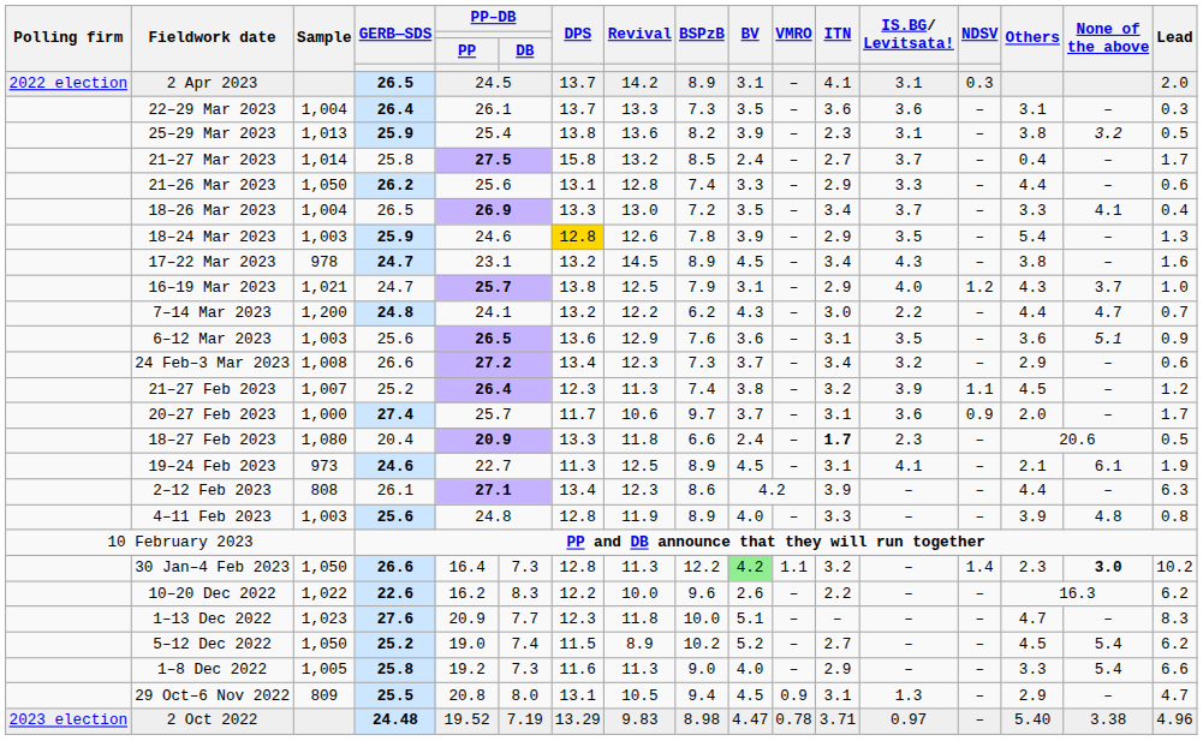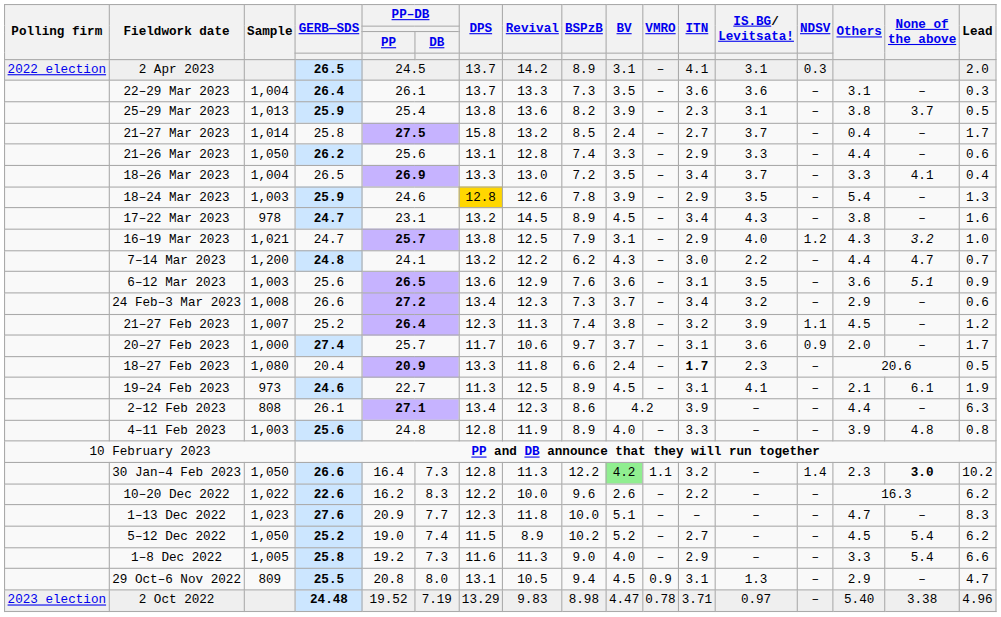 <table class="wikitable sortable" style="text-align:center;font-size:90%;line-height:14px;">
 <tr>
 <th rowspan="4">Polling firm</th>
 <th rowspan="4">Fieldwork date</th>
 <th rowspan="4">Sample</th>
 <th rowspan="3"><a href='#'>GERB—SDS</a></th>
 <th colspan="2"><a href='#'>PP–DB</a></th>
 <th rowspan="3"><a href='#'>DPS</a></th>
 <th rowspan="3"><a href='#'>Revival</a></th>
 <th rowspan="3"><a href='#'>BSPzB</a></th>
 <th rowspan="3"><a href='#'>BV</a></th>
 <th rowspan="3"><a href='#'>VMRO</a></th>
 <th rowspan="3"><a href='#'>ITN</a></th>
 <th rowspan="3"><a href='#'>IS.BG</a>/<br><a href='#'>Levitsata!</a></th>
 <th rowspan="3"><a href='#'>NDSV</a></th>
 <th rowspan="4"><a href='#'>Others</a></th>
 <th rowspan="4"><a href='#'>None of<br>the above</a></th>
 <th rowspan="4">Lead</th>
 </tr>
 <tr>
 <th colspan="2" style="background:"></th>
 </tr>
 <tr>
 <th class="unsortable" style="width:43px;"><a href='#'>PP</a></th>
 <th class="unsortable" style="width:35px;"><a href='#'>DB</a></th>
 </tr>
 <tr>
 <th style="color:inherit;background:"></th>
 <th style="color:inherit;background:"></th>
 <th style="color:inherit;background:"></th>
 <th style="color:inherit;background:"></th>
 <th style="color:inherit;background:"></th>
 <th style="color:inherit;background:"></th>
 <th style="color:inherit;background:"></th>
 <th style="color:inherit;background:"></th>
 <th style="color:inherit;background:"></th>
 <th style="color:inherit;background:"></th>
 <th style="color:inherit;background:"></th>
 </tr>
 <tr style="background:#EFEFEF;">
 <td><a href='#'>2022 election</a></td>
 <td>2 Apr 2023</td>
 <td></td>
 <td style="background:#CCE6FF"><strong>26.5</strong></td>
 <td colspan="2">24.5</td>
 <td>13.7</td>
 <td>14.2</td>
 <td>8.9</td>
 <td>3.1</td>
 <td>–</td>
 <td>4.1</td>
 <td>3.1</td>
 <td>0.3</td>
 <td></td>
 <td></td>
 <td class="unsortable" style="background:">2.0</td>
 </tr>
 <tr>
 <td></td>
 <td data-sort-value="2023-03-29">22–29 Mar 2023</td>
 <td>1,004</td>
 <td style="background:#CCE6FF"><strong>26.4</strong></td>
 <td colspan="2">26.1</td>
 <td>13.7</td>
 <td>13.3</td>
 <td>7.3</td>
 <td>3.5</td>
 <td>–</td>
 <td>3.6</td>
 <td>3.6</td>
 <td>–</td>
 <td>3.1</td>
 <td>–</td>
 <td class="unsortable" style="background:">0.3</td>
 </tr>
 <tr>
 <td></td>
 <td data-sort-value="2023-03-29">25–29 Mar 2023</td>
 <td>1,013</td>
 <td style="background:#CCE6FF"><strong>25.9</strong></td>
 <td colspan="2">25.4</td>
 <td>13.8</td>
 <td>13.6</td>
 <td>8.2</td>
 <td>3.9</td>
 <td>–</td>
 <td>2.3</td>
 <td>3.1</td>
 <td>–</td>
 <td>3.8</td>
-<td><em>3.2</em></td>
+<td>3.7</td>
 <td class="unsortable" style="background:">0.5</td>
 </tr>
 <tr>
 <td></td>
 <td data-sort-value="2023-03-27">21–27 Mar 2023</td>
 <td>1,014</td>
 <td>25.8</td>
 <td colspan="2" style="background:#c6b3ff"><strong>27.5</strong></td>
 <td>15.8</td>
 <td>13.2</td>
 <td>8.5</td>
 <td>2.4</td>
 <td>–</td>
 <td>2.7</td>
 <td>3.7</td>
 <td>–</td>
 <td>0.4</td>
 <td>–</td>
 <td class="unsortable" style="background:">1.7</td>
 </tr>
 <tr>
 <td></td>
 <td data-sort-value="2023-03-26">21–26 Mar 2023</td>
 <td>1,050</td>
 <td style="background:#CCE6FF"><strong>26.2</strong></td>
 <td colspan="2">25.6</td>
 <td>13.1</td>
 <td>12.8</td>
 <td>7.4</td>
 <td>3.3</td>
 <td>–</td>
 <td>2.9</td>
 <td>3.3</td>
 <td>–</td>
 <td>4.4</td>
 <td>–</td>
 <td class="unsortable" style="background:">0.6</td>
 </tr>
 <tr>
 <td></td>
 <td data-sort-value="2023-03-26">18–26 Mar 2023</td>
 <td>1,004</td>
 <td>26.5</td>
 <td colspan="2" style="background:#c6b3ff"><strong>26.9</strong></td>
 <td>13.3</td>
 <td>13.0</td>
 <td>7.2</td>
 <td>3.5</td>
 <td>–</td>
 <td>3.4</td>
 <td>3.7</td>
 <td>–</td>
 <td>3.3</td>
 <td>4.1</td>
 <td class="unsortable" style="background:">0.4</td>
 </tr>
 <tr>
 <td></td>
 <td data-sort-value="2023-03-24">18–24 Mar 2023</td>
 <td>1,003</td>
 <td style="background:#CCE6FF"><strong>25.9</strong></td>
 <td colspan="2">24.6</td>
 <td style="background: gold;">12.8</td>
 <td>12.6</td>
 <td>7.8</td>
 <td>3.9</td>
 <td>–</td>
 <td>2.9</td>
 <td>3.5</td>
 <td>–</td>
 <td>5.4</td>
 <td>–</td>
 <td class="unsortable" style="background:">1.3</td>
 </tr>
 <tr>
 <td></td>
 <td data-sort-value="2023-03-22">17–22 Mar 2023</td>
 <td>978</td>
 <td style="background:#CCE6FF"><strong>24.7</strong></td>
 <td colspan="2">23.1</td>
 <td>13.2</td>
 <td>14.5</td>
 <td>8.9</td>
 <td>4.5</td>
 <td>–</td>
 <td>3.4</td>
 <td>4.3</td>
 <td>–</td>
 <td>3.8</td>
 <td>–</td>
 <td class="unsortable" style="background:">1.6</td>
 </tr>
 <tr>
 <td></td>
 <td data-sort-value="2023-03-19">16–19 Mar 2023</td>
 <td>1,021</td>
 <td>24.7</td>
 <td colspan="2" style="background:#c6b3ff"><strong>25.7</strong></td>
 <td>13.8</td>
 <td>12.5</td>
 <td>7.9</td>
 <td>3.1</td>
 <td>–</td>
 <td>2.9</td>
 <td>4.0</td>
 <td>1.2</td>
 <td>4.3</td>
-<td>3.7</td>
+<td><em>3.2</em></td>
 <td class="unsortable" style="background:">1.0</td>
 </tr>
 <tr>
 <td></td>
 <td data-sort-value="2023-03-14">7–14 Mar 2023</td>
 <td>1,200</td>
 <td style="background:#CCE6FF"><strong>24.8</strong></td>
 <td colspan="2">24.1</td>
 <td>13.2</td>
 <td>12.2</td>
 <td>6.2</td>
 <td>4.3</td>
 <td>–</td>
 <td>3.0</td>
 <td>2.2</td>
 <td>–</td>
 <td>4.4</td>
 <td>4.7</td>
 <td class="unsortable" style="background:">0.7</td>
 </tr>
 <tr>
 <td></td>
 <td data-sort-value="2023-03-12">6–12 Mar 2023</td>
 <td>1,003</td>
 <td>25.6</td>
 <td colspan="2" style="background:#c6b3ff"><strong>26.5</strong></td>
 <td>13.6</td>
 <td>12.9</td>
 <td>7.6</td>
 <td>3.6</td>
 <td>–</td>
 <td>3.1</td>
 <td>3.5</td>
 <td>–</td>
 <td>3.6</td>
 <td><em>5.1</em></td>
 <td class="unsortable" style="background:">0.9</td>
 </tr>
 <tr>
 <td></td>
 <td data-sort-value="2023-03-03">24 Feb–3 Mar 2023</td>
 <td>1,008</td>
 <td>26.6</td>
 <td colspan="2" style="background:#c6b3ff"><strong>27.2</strong></td>
 <td>13.4</td>
 <td>12.3</td>
 <td>7.3</td>
 <td>3.7</td>
 <td>–</td>
 <td>3.4</td>
 <td>3.2</td>
 <td>–</td>
 <td>2.9</td>
 <td>–</td>
 <td class="unsortable" style="background:">0.6</td>
 </tr>
 <tr>
 <td></td>
 <td data-sort-value="2023-02-27">21–27 Feb 2023</td>
 <td>1,007</td>
 <td>25.2</td>
 <td colspan="2" style="background:#c6b3ff"><strong>26.4</strong></td>
 <td>12.3</td>
 <td>11.3</td>
 <td>7.4</td>
 <td>3.8</td>
 <td>–</td>
 <td>3.2</td>
 <td>3.9</td>
 <td>1.1</td>
 <td>4.5</td>
 <td>–</td>
 <td class="unsortable" style="background:">1.2</td>
 </tr>
 <tr>
 <td></td>
 <td data-sort-value="2023-02-27">20–27 Feb 2023</td>
 <td>1,000</td>
 <td style="background:#CCE6FF"><strong>27.4</strong></td>
 <td colspan="2">25.7</td>
 <td>11.7</td>
 <td>10.6</td>
 <td>9.7</td>
 <td>3.7</td>
 <td>–</td>
 <td>3.1</td>
 <td>3.6</td>
 <td>0.9</td>
 <td>2.0</td>
 <td>–</td>
 <td class="unsortable" style="background:">1.7</td>
 </tr>
 <tr>
 <td></td>
 <td data-sort-value="2023-02-27">18–27 Feb 2023</td>
 <td>1,080</td>
 <td>20.4</td>
 <td colspan="2" style="background:#c6b3ff"><strong>20.9</strong></td>
 <td>13.3</td>
 <td>11.8</td>
 <td>6.6</td>
 <td>2.4</td>
 <td>–</td>
 <td><strong>1.7</strong></td>
 <td>2.3</td>
 <td>–</td>
 <td colspan="2">20.6</td>
 <td class="unsortable" style="background:">0.5</td>
 </tr>
 <tr>
 <td></td>
 <td data-sort-value="2023-02-24">19–24 Feb 2023</td>
 <td>973</td>
 <td style="background:#CCE6FF"><strong>24.6</strong></td>
 <td colspan="2">22.7</td>
 <td>11.3</td>
 <td>12.5</td>
 <td>8.9</td>
 <td>4.5</td>
 <td>–</td>
 <td>3.1</td>
 <td>4.1</td>
 <td>–</td>
 <td>2.1</td>
 <td>6.1</td>
 <td class="unsortable" style="background:">1.9</td>
 </tr>
 <tr>
 <td></td>
 <td data-sort-value="2023-02-12">2–12 Feb 2023</td>
 <td>808</td>
 <td>26.1</td>
 <td colspan="2" style="background:#c6b3ff"><strong>27.1</strong></td>
 <td>13.4</td>
 <td>12.3</td>
 <td>8.6</td>
 <td colspan="2">4.2</td>
 <td>3.9</td>
 <td>–</td>
 <td>–</td>
 <td>4.4</td>
 <td>–</td>
 <td class="unsortable" style="background:">6.3</td>
 </tr>
 <tr>
 <td></td>
 <td data-sort-value="2023-02-11">4–11 Feb 2023</td>
 <td>1,003</td>
 <td style="background:#CCE6FF"><strong>25.6</strong></td>
 <td colspan="2">24.8</td>
 <td>12.8</td>
 <td>11.9</td>
 <td>8.9</td>
 <td>4.0</td>
 <td>–</td>
 <td>3.3</td>
 <td>–</td>
 <td>–</td>
 <td>3.9</td>
 <td>4.8</td>
 <td class="unsortable" style="background:">0.8</td>
 </tr>
 <tr>
 <td colspan="3">10 February 2023</td>
 <td colspan="14" style="font-weight:bold;"><a href='#'>PP</a> and <a href='#'>DB</a> announce that they will run together</td>
 </tr>
 <tr>
 <td></td>
 <td data-sort-value="2023-02-04">30 Jan–4 Feb 2023</td>
 <td>1,050</td>
 <td style="background:#CCE6FF"><strong>26.6</strong></td>
 <td>16.4</td>
 <td>7.3</td>
 <td>12.8</td>
 <td>11.3</td>
 <td>12.2</td>
 <td style="background: lightgreen;">4.2</td>
 <td>1.1</td>
 <td>3.2</td>
 <td>–</td>
 <td>1.4</td>
 <td>2.3</td>
 <td><strong>3.0</strong></td>
 <td class="unsortable" style="background:">10.2</td>
 </tr>
 <tr>
 <td></td>
 <td data-sort-value="2022-12-20">10–20 Dec 2022</td>
 <td>1,022</td>
 <td style="background:#CCE6FF"><strong>22.6</strong></td>
 <td>16.2</td>
 <td>8.3</td>
 <td>12.2</td>
 <td>10.0</td>
 <td>9.6</td>
 <td>2.6</td>
 <td>–</td>
 <td>2.2</td>
 <td>–</td>
 <td>–</td>
 <td colspan="2">16.3</td>
 <td class="unsortable" style="background:">6.2</td>
 </tr>
 <tr>
 <td></td>
 <td data-sort-value="2022-12-13">1–13 Dec 2022</td>
 <td>1,023</td>
 <td style="background:#CCE6FF"><strong>27.6</strong></td>
 <td>20.9</td>
 <td>7.7</td>
 <td>12.3</td>
 <td>11.8</td>
 <td>10.0</td>
 <td>5.1</td>
 <td>–</td>
 <td>–</td>
 <td>–</td>
 <td>–</td>
 <td>4.7</td>
 <td>–</td>
 <td class="unsortable" style="background:">8.3</td>
 </tr>
 <tr>
 <td></td>
 <td data-sort-value="2022-12-12">5–12 Dec 2022</td>
 <td>1,050</td>
 <td style="background:#CCE6FF"><strong>25.2</strong></td>
 <td>19.0</td>
 <td>7.4</td>
 <td>11.5</td>
 <td>8.9</td>
 <td>10.2</td>
 <td>5.2</td>
 <td>–</td>
 <td>2.7</td>
 <td>–</td>
 <td>–</td>
 <td>4.5</td>
 <td>5.4</td>
 <td class="unsortable" style="background:">6.2</td>
 </tr>
 <tr>
 <td></td>
 <td data-sort-value="2022-12-08">1–8 Dec 2022</td>
 <td>1,005</td>
 <td style="background:#CCE6FF"><strong>25.8</strong></td>
 <td>19.2</td>
 <td>7.3</td>
 <td>11.6</td>
 <td>11.3</td>
 <td>9.0</td>
 <td>4.0</td>
 <td>–</td>
 <td>2.9</td>
 <td>–</td>
 <td>–</td>
 <td>3.3</td>
 <td>5.4</td>
 <td class="unsortable" style="background:">6.6</td>
 </tr>
 <tr>
 <td></td>
 <td data-sort-value="2022-11-06">29 Oct–6 Nov 2022</td>
 <td>809</td>
 <td style="background:#CCE6FF"><strong>25.5</strong></td>
 <td>20.8</td>
 <td>8.0</td>
 <td>13.1</td>
 <td>10.5</td>
 <td>9.4</td>
 <td>4.5</td>
 <td>0.9</td>
 <td>3.1</td>
 <td>1.3</td>
 <td>–</td>
 <td>2.9</td>
 <td>–</td>
 <td class="unsortable" style="background:">4.7</td>
 </tr>
 <tr style="background:#EFEFEF;">
 <td><a href='#'>2023 election</a></td>
 <td data-sort-value="2022-10-02">2 Oct 2022</td>
 <td></td>
 <td style="background:#CCE6FF"><strong>24.48</strong></td>
 <td>19.52</td>
 <td>7.19</td>
 <td>13.29</td>
 <td>9.83</td>
 <td>8.98</td>
 <td>4.47</td>
 <td>0.78</td>
 <td>3.71</td>
 <td>0.97</td>
 <td>–</td>
 <td>5.40</td>
 <td>3.38</td>
 <td class="unsortable" style="background:">4.96</td>
 </tr>
 </table>
